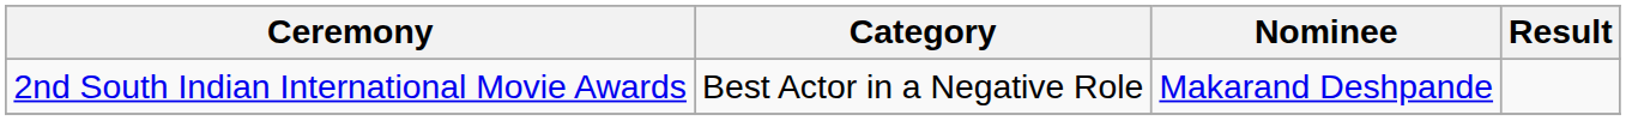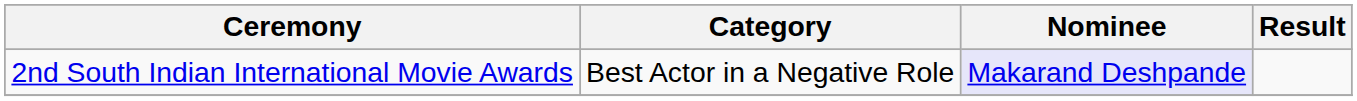 <table class="wikitable">
 <tr>
 <th>Ceremony</th>
 <th>Category</th>
 <th>Nominee</th>
 <th>Result</th>
 </tr>
 <tr>
 <td rowspan="1"><a href='#'>2nd South Indian International Movie Awards</a></td>
 <td>Best Actor in a Negative Role</td>
-<td><a href='#'>Makarand Deshpande</a></td>
+<td style="background: lavender;"><a href='#'>Makarand Deshpande</a></td>
 <td></td>
 </tr>
 <tr>
 </tr>
 </table>
